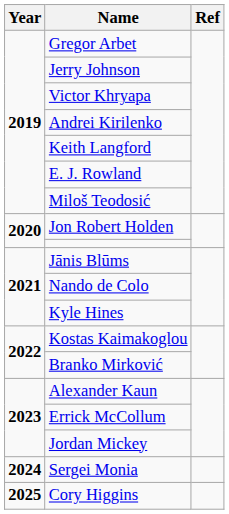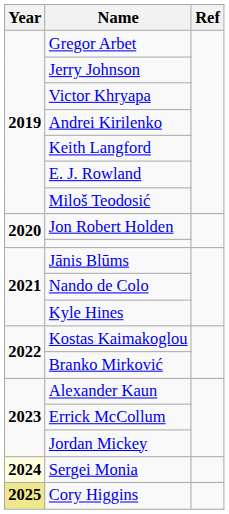 <table class="wikitable" style="text-align:center;">
 <tr>
 <th>Year</th>
 <th>Name</th>
 <th>Ref</th>
 </tr>
 <tr>
 <td rowspan=7><strong>2019</strong></td>
 <td align=left> <a href='#'>Gregor Arbet</a></td>
 <td rowspan=7></td>
 </tr>
 <tr>
 <td align=left> <a href='#'>Jerry Johnson</a></td>
 </tr>
 <tr>
 <td align=left> <a href='#'>Victor Khryapa</a></td>
 </tr>
 <tr>
 <td align=left> <a href='#'>Andrei Kirilenko</a></td>
 </tr>
 <tr>
 <td align=left> <a href='#'>Keith Langford</a></td>
 </tr>
 <tr>
 <td align=left> <a href='#'>E. J. Rowland</a></td>
 </tr>
 <tr>
 <td align=left> <a href='#'>Miloš Teodosić</a></td>
 </tr>
 <tr>
 <td rowspan=2><strong>2020</strong></td>
 <td align=left> <a href='#'>Jon Robert Holden</a></td>
 <td rowspan=2></td>
 </tr>
 <tr>
 <td align=left> </td>
 </tr>
 <tr>
 <td rowspan=3><strong>2021</strong></td>
 <td align=left> <a href='#'>Jānis Blūms</a></td>
 <td rowspan=3></td>
 </tr>
 <tr>
 <td align=left> <a href='#'>Nando de Colo</a></td>
 </tr>
 <tr>
 <td align=left> <a href='#'>Kyle Hines</a></td>
 </tr>
 <tr>
 <td rowspan=2><strong>2022</strong></td>
 <td align=left> <a href='#'>Kostas Kaimakoglou</a></td>
 <td rowspan=2></td>
 </tr>
 <tr>
 <td align=left> <a href='#'>Branko Mirković</a></td>
 </tr>
 <tr>
 <td rowspan=3><strong>2023</strong></td>
 <td align=left> <a href='#'>Alexander Kaun</a></td>
 <td rowspan=3></td>
 </tr>
 <tr>
 <td align=left> <a href='#'>Errick McCollum</a></td>
 </tr>
 <tr>
 <td align=left> <a href='#'>Jordan Mickey</a></td>
 </tr>
 <tr>
-<td><strong>2024</strong></td>
+<td style="background: lightyellow;"><strong>2024</strong></td>
 <td align=left> <a href='#'>Sergei Monia</a></td>
 <td></td>
 </tr>
 <tr>
-<td><strong>2025</strong></td>
+<td style="background: khaki;"><strong>2025</strong></td>
 <td align=left> <a href='#'>Cory Higgins</a></td>
 <td></td>
 </tr>
 </table>
